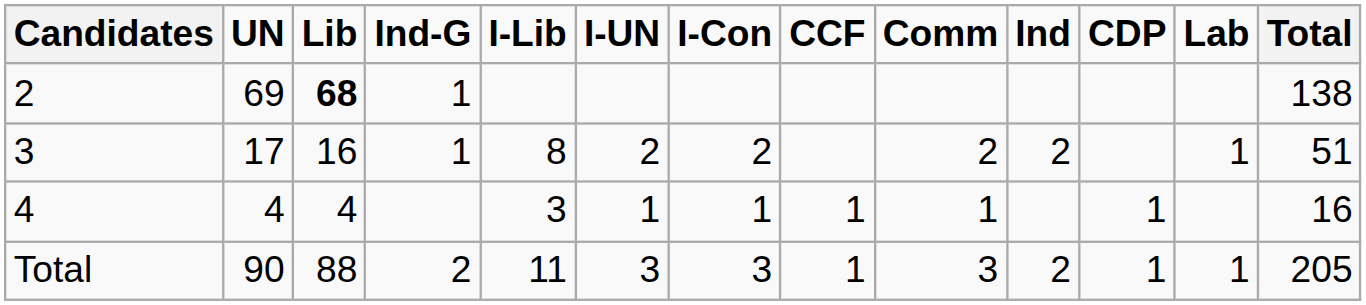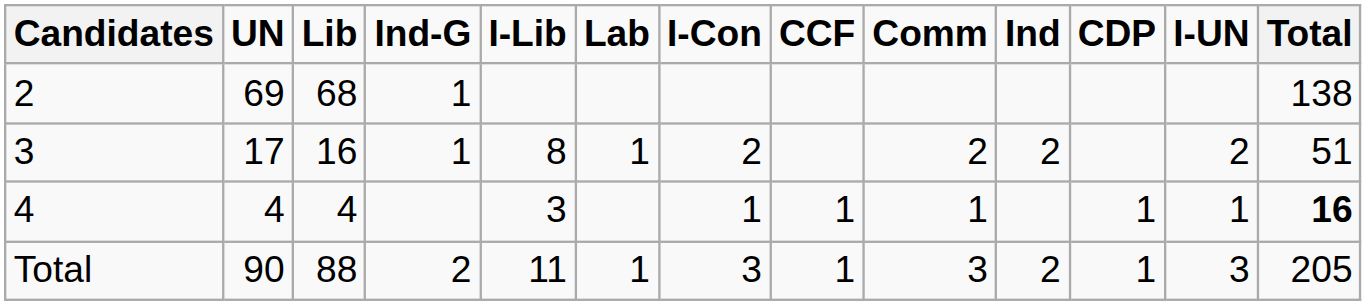 <table class="wikitable" style="text-align:right;">
 <tr>
 <th>Candidates</th>
 <td><strong>UN</strong></td>
 <td><strong>Lib</strong></td>
 <td><strong>Ind-G</strong></td>
 <td><strong>I-Lib</strong></td>
-<td><strong>I-UN</strong></td>
+<td><strong>Lab</strong></td>
 <td><strong>I-Con</strong></td>
 <td><strong>CCF</strong></td>
 <td><strong>Comm</strong></td>
 <td><strong>Ind</strong></td>
 <td><strong>CDP</strong></td>
-<td><strong>Lab</strong></td>
+<td><strong>I-UN</strong></td>
 <th>Total</th>
 </tr>
 <tr>
 <td style="text-align:left;">2</td>
 <td>69</td>
-<td><strong>68</strong></td>
+<td>68</td>
 <td>1</td>
 <td></td>
 <td></td>
 <td></td>
 <td></td>
 <td></td>
 <td></td>
 <td></td>
 <td></td>
 <td>138</td>
 </tr>
 <tr>
 <td style="text-align:left;">3</td>
 <td>17</td>
 <td>16</td>
 <td>1</td>
 <td>8</td>
-<td>2</td>
+<td>1</td>
 <td>2</td>
 <td></td>
 <td>2</td>
 <td>2</td>
 <td></td>
-<td>1</td>
+<td>2</td>
 <td>51</td>
 </tr>
 <tr>
 <td style="text-align:left;">4</td>
 <td>4</td>
 <td>4</td>
 <td></td>
 <td>3</td>
-<td>1</td>
+<td></td>
 <td>1</td>
 <td>1</td>
 <td>1</td>
 <td></td>
 <td>1</td>
-<td></td>
-<td>16</td>
+<td>1</td>
+<td><strong>16</strong></td>
 </tr>
 <tr>
 <td style="text-align:left;">Total</td>
 <td>90</td>
 <td>88</td>
 <td>2</td>
 <td>11</td>
-<td>3</td>
+<td>1</td>
 <td>3</td>
 <td>1</td>
 <td>3</td>
 <td>2</td>
 <td>1</td>
-<td>1</td>
+<td>3</td>
 <td>205</td>
 </tr>
 </table>
